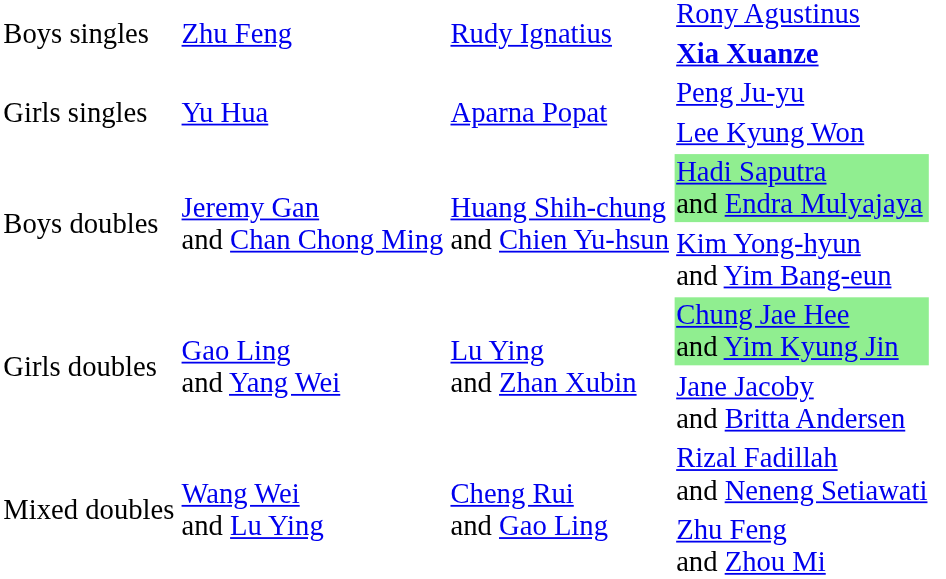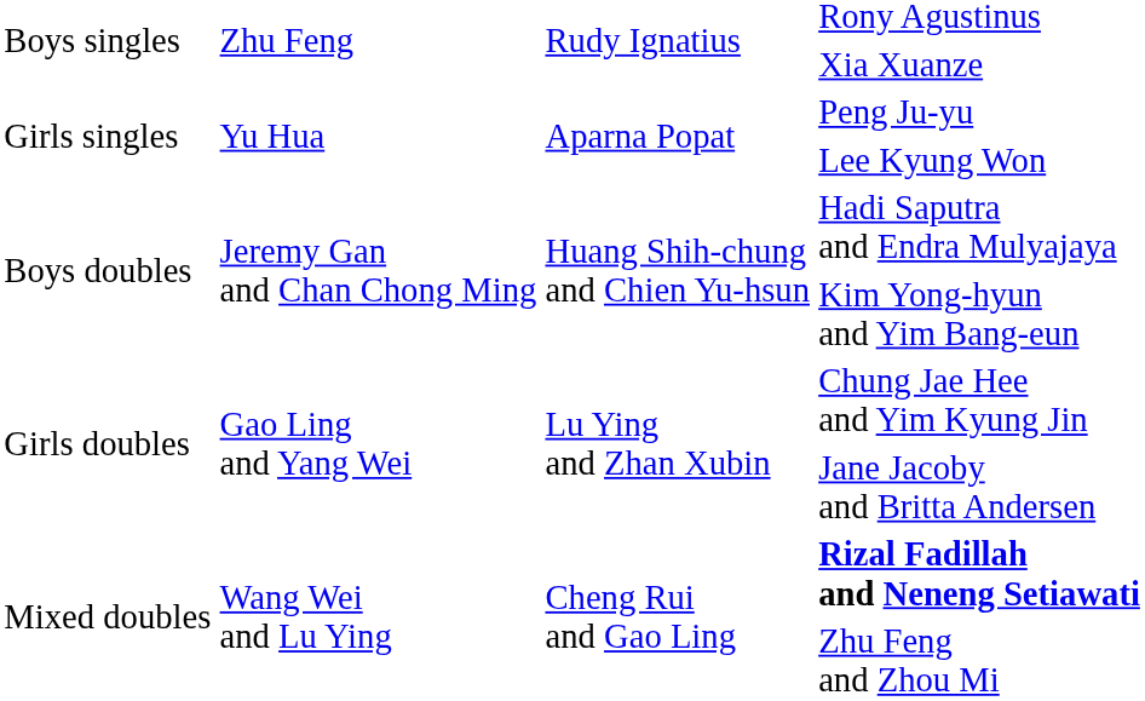 <table>
 <tr>
 <td rowspan=2>Boys singles</td>
 <td rowspan=2> <a href='#'>Zhu Feng</a></td>
 <td rowspan=2> <a href='#'>Rudy Ignatius</a></td>
 <td> <a href='#'>Rony Agustinus</a></td>
 </tr>
 <tr>
-<td><strong> <a href='#'>Xia Xuanze</a></strong></td>
+<td> <a href='#'>Xia Xuanze</a></td>
 </tr>
 <tr>
 <td rowspan=2>Girls singles</td>
 <td rowspan=2> <a href='#'>Yu Hua</a></td>
 <td rowspan=2> <a href='#'>Aparna Popat</a></td>
 <td> <a href='#'>Peng Ju-yu</a></td>
 </tr>
 <tr>
 <td> <a href='#'>Lee Kyung Won</a></td>
 </tr>
 <tr>
 <td rowspan=2>Boys doubles</td>
 <td rowspan=2> <a href='#'>Jeremy Gan</a><br>and <a href='#'>Chan Chong Ming</a></td>
 <td rowspan=2> <a href='#'>Huang Shih-chung</a><br>and <a href='#'>Chien Yu-hsun</a></td>
-<td style="background: lightgreen;"> <a href='#'>Hadi Saputra</a><br>and <a href='#'>Endra Mulyajaya</a></td>
+<td> <a href='#'>Hadi Saputra</a><br>and <a href='#'>Endra Mulyajaya</a></td>
 </tr>
 <tr>
 <td> <a href='#'>Kim Yong-hyun</a><br>and <a href='#'>Yim Bang-eun</a></td>
 </tr>
 <tr>
 <td rowspan=2>Girls doubles</td>
 <td rowspan=2> <a href='#'>Gao Ling</a><br>and <a href='#'>Yang Wei</a></td>
 <td rowspan=2> <a href='#'>Lu Ying</a><br>and <a href='#'>Zhan Xubin</a></td>
-<td style="background: lightgreen;"> <a href='#'>Chung Jae Hee</a><br>and <a href='#'>Yim Kyung Jin</a></td>
+<td> <a href='#'>Chung Jae Hee</a><br>and <a href='#'>Yim Kyung Jin</a></td>
 </tr>
 <tr>
 <td> <a href='#'>Jane Jacoby</a><br>and <a href='#'>Britta Andersen</a></td>
 </tr>
 <tr>
 <td rowspan=2>Mixed doubles</td>
 <td rowspan=2> <a href='#'>Wang Wei</a><br>and <a href='#'>Lu Ying</a></td>
 <td rowspan=2> <a href='#'>Cheng Rui</a><br>and <a href='#'>Gao Ling</a></td>
-<td> <a href='#'>Rizal Fadillah</a><br>and <a href='#'>Neneng Setiawati</a></td>
+<td><strong> <a href='#'>Rizal Fadillah</a><br>and <a href='#'>Neneng Setiawati</a></strong></td>
 </tr>
 <tr>
 <td> <a href='#'>Zhu Feng</a><br>and <a href='#'>Zhou Mi</a></td>
 </tr>
 </table>
